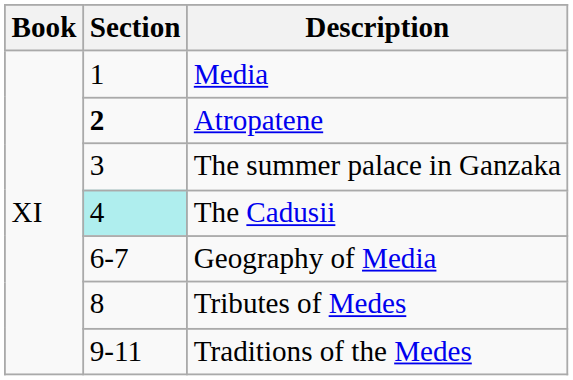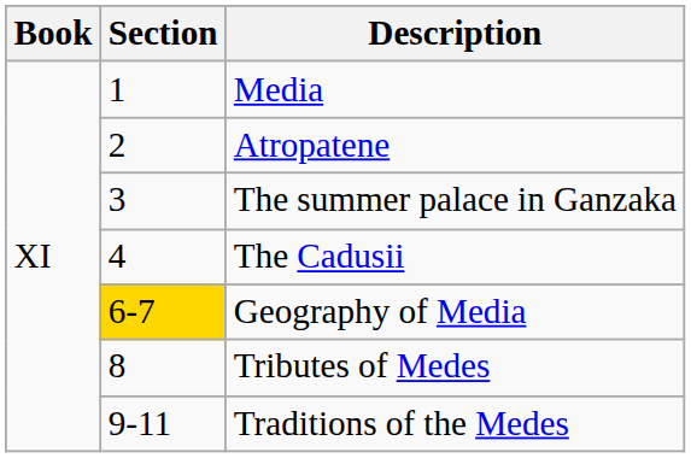 <table class="wikitable" style="max-width:45em;">
 <tr>
 <th>Book</th>
 <th>Section</th>
 <th>Description</th>
 </tr>
 <tr>
 <td rowspan="7">XI</td>
 <td>1</td>
 <td><a href='#'>Media</a></td>
 </tr>
 <tr>
-<td><strong>2</strong></td>
+<td>2</td>
 <td><a href='#'>Atropatene</a></td>
 </tr>
 <tr>
 <td>3</td>
 <td>The summer palace in Ganzaka</td>
 </tr>
 <tr>
-<td style="background: paleturquoise;">4</td>
+<td>4</td>
 <td>The <a href='#'>Cadusii</a></td>
 </tr>
 <tr>
-<td>6-7</td>
+<td style="background: gold;">6-7</td>
 <td>Geography of <a href='#'>Media</a></td>
 </tr>
 <tr>
 <td>8</td>
 <td>Tributes of <a href='#'>Medes</a></td>
 </tr>
 <tr>
 <td>9-11</td>
 <td>Traditions of the <a href='#'>Medes</a></td>
 </tr>
 </table>
